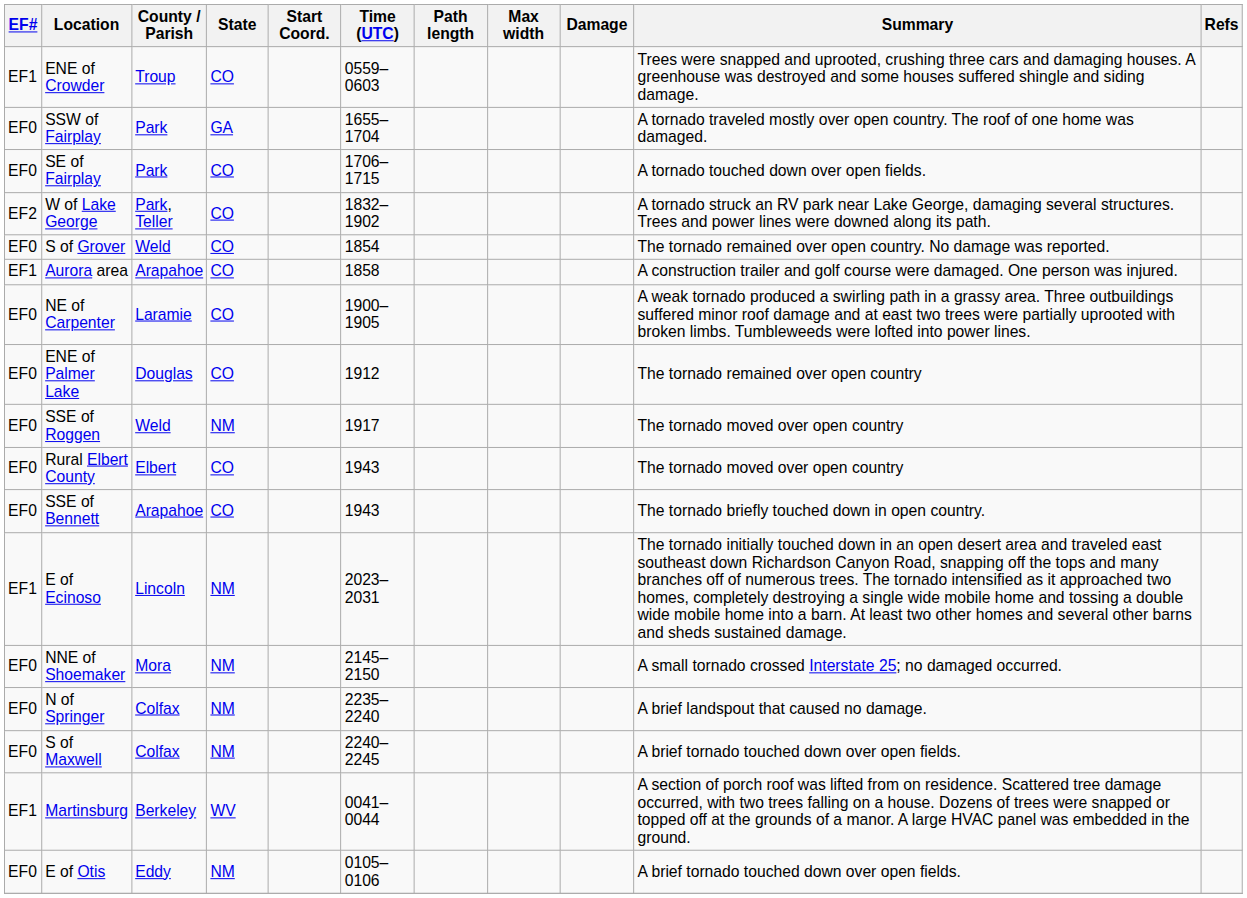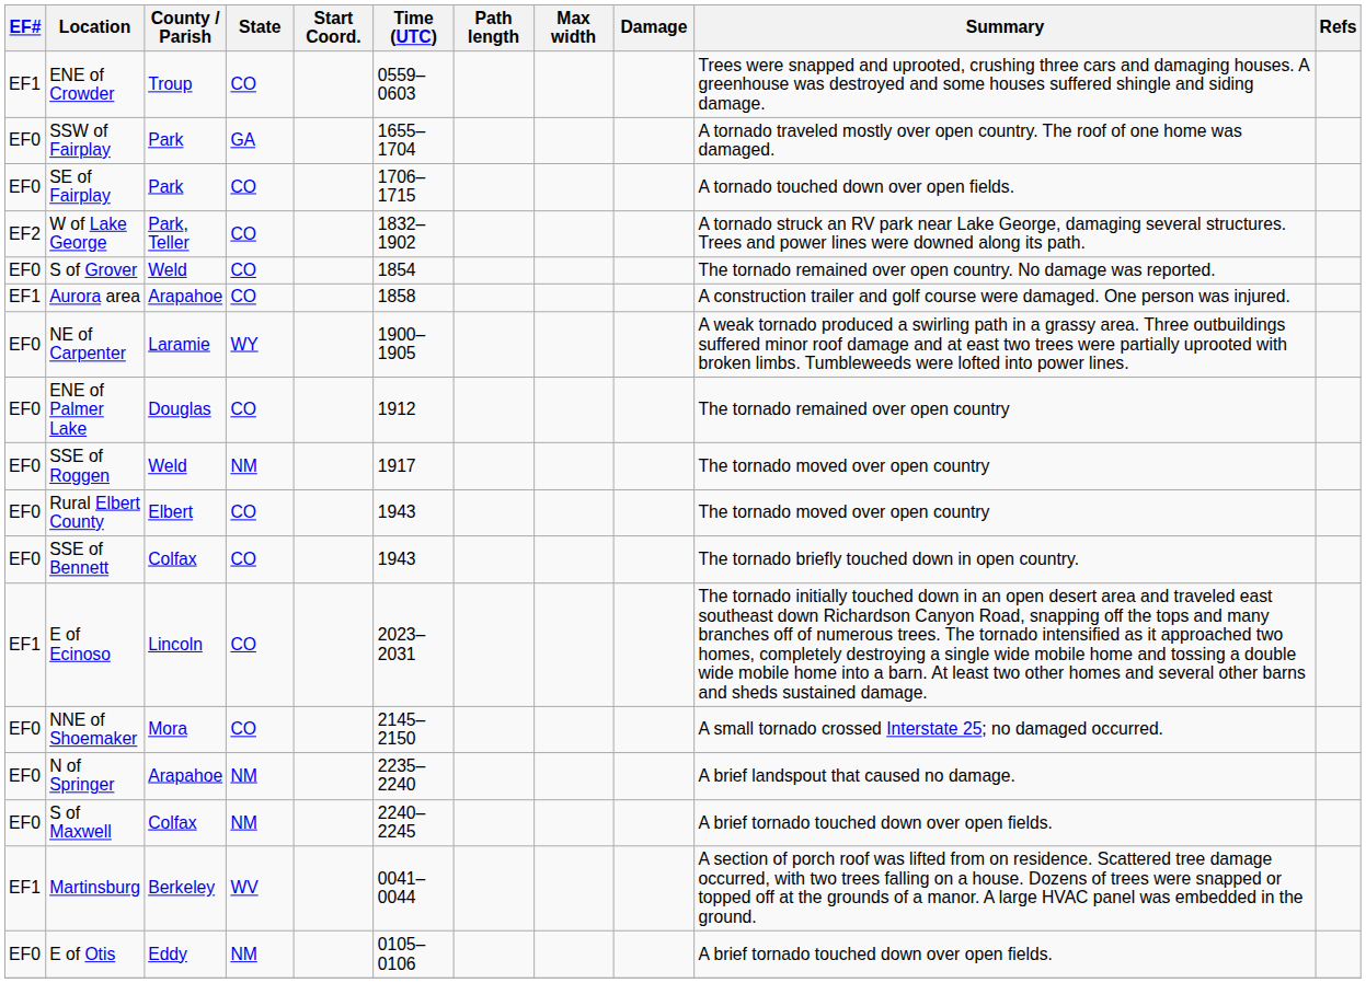 <table class="wikitable sortable" style="width:100%;">
 <tr>
 <th scope="col" width="3%" align="center"><a href='#'>EF#</a></th>
 <th scope="col" width="7%" align="center" class="unsortable">Location</th>
 <th scope="col" width="6%" align="center" class="unsortable">County / Parish</th>
 <th scope="col" width="5%" align="center">State</th>
 <th scope="col" width="6%" align="center">Start Coord.</th>
 <th scope="col" width="6%" align="center">Time (<a href='#'>UTC</a>)</th>
 <th scope="col" width="6%" align="center">Path length</th>
 <th scope="col" width="6%" align="center">Max width</th>
 <th scope="col" width="6%" align="center">Damage</th>
 <th scope="col" width="48%" class="unsortable" align="center">Summary</th>
 <th scope="col" width="48%" class="unsortable" align="center">Refs</th>
 </tr>
 <tr>
 <td>EF1</td>
 <td>ENE of <a href='#'>Crowder</a></td>
 <td><a href='#'>Troup</a></td>
 <td><a href='#'>CO</a></td>
 <td></td>
 <td>0559–0603</td>
 <td></td>
 <td></td>
 <td></td>
 <td>Trees were snapped and uprooted, crushing three cars and damaging houses. A greenhouse was destroyed and some houses suffered shingle and siding damage.</td>
 <td></td>
 </tr>
 <tr>
 <td>EF0</td>
 <td>SSW of <a href='#'>Fairplay</a></td>
 <td><a href='#'>Park</a></td>
 <td><a href='#'>GA</a></td>
 <td></td>
 <td>1655–1704</td>
 <td></td>
 <td></td>
 <td></td>
 <td>A tornado traveled mostly over open country. The roof of one home was damaged.</td>
 <td></td>
 </tr>
 <tr>
 <td>EF0</td>
 <td>SE of <a href='#'>Fairplay</a></td>
 <td><a href='#'>Park</a></td>
 <td><a href='#'>CO</a></td>
 <td></td>
 <td>1706–1715</td>
 <td></td>
 <td></td>
 <td></td>
 <td>A tornado touched down over open fields.</td>
 <td></td>
 </tr>
 <tr>
 <td>EF2</td>
 <td>W of <a href='#'>Lake George</a></td>
 <td><a href='#'>Park</a>, <a href='#'>Teller</a></td>
 <td><a href='#'>CO</a></td>
 <td></td>
 <td>1832–1902</td>
 <td></td>
 <td></td>
 <td></td>
 <td>A tornado struck an RV park near Lake George, damaging several structures. Trees and power lines were downed along its path.</td>
 <td></td>
 </tr>
 <tr>
 <td>EF0</td>
 <td>S of <a href='#'>Grover</a></td>
 <td><a href='#'>Weld</a></td>
 <td><a href='#'>CO</a></td>
 <td></td>
 <td>1854</td>
 <td></td>
 <td></td>
 <td></td>
 <td>The tornado remained over open country. No damage was reported.</td>
 <td></td>
 </tr>
 <tr>
 <td>EF1</td>
 <td><a href='#'>Aurora</a> area</td>
 <td><a href='#'>Arapahoe</a></td>
 <td><a href='#'>CO</a></td>
 <td></td>
 <td>1858</td>
 <td></td>
 <td></td>
 <td></td>
 <td>A construction trailer and golf course were damaged. One person was injured.</td>
 <td></td>
 </tr>
 <tr>
 <td>EF0</td>
 <td>NE of <a href='#'>Carpenter</a></td>
 <td><a href='#'>Laramie</a></td>
-<td><a href='#'>CO</a></td>
+<td><a href='#'>WY</a></td>
 <td></td>
 <td>1900–1905</td>
 <td></td>
 <td></td>
 <td></td>
 <td>A weak tornado produced a swirling path in a grassy area. Three outbuildings suffered minor roof damage and at east two trees were partially uprooted with broken limbs. Tumbleweeds were lofted into power lines.</td>
 <td></td>
 </tr>
 <tr>
 <td>EF0</td>
 <td>ENE of <a href='#'>Palmer Lake</a></td>
 <td><a href='#'>Douglas</a></td>
 <td><a href='#'>CO</a></td>
 <td></td>
 <td>1912</td>
 <td></td>
 <td></td>
 <td></td>
 <td>The tornado remained over open country</td>
 <td></td>
 </tr>
 <tr>
 <td>EF0</td>
 <td>SSE of <a href='#'>Roggen</a></td>
 <td><a href='#'>Weld</a></td>
 <td><a href='#'>NM</a></td>
 <td></td>
 <td>1917</td>
 <td></td>
 <td></td>
 <td></td>
 <td>The tornado moved over open country</td>
 <td></td>
 </tr>
 <tr>
 <td>EF0</td>
 <td>Rural <a href='#'>Elbert County</a></td>
 <td><a href='#'>Elbert</a></td>
 <td><a href='#'>CO</a></td>
 <td></td>
 <td>1943</td>
 <td></td>
 <td></td>
 <td></td>
 <td>The tornado moved over open country</td>
 <td></td>
 </tr>
 <tr>
 <td>EF0</td>
 <td>SSE of <a href='#'>Bennett</a></td>
-<td><a href='#'>Arapahoe</a></td>
+<td><a href='#'>Colfax</a></td>
 <td><a href='#'>CO</a></td>
 <td></td>
 <td>1943</td>
 <td></td>
 <td></td>
 <td></td>
 <td>The tornado briefly touched down in open country.</td>
 <td></td>
 </tr>
 <tr>
 <td>EF1</td>
 <td>E of <a href='#'>Ecinoso</a></td>
 <td><a href='#'>Lincoln</a></td>
-<td><a href='#'>NM</a></td>
+<td><a href='#'>CO</a></td>
 <td></td>
 <td>2023–2031</td>
 <td></td>
 <td></td>
 <td></td>
 <td>The tornado initially touched down in an open desert area and traveled east southeast down Richardson Canyon Road, snapping off the tops and many branches off of numerous trees. The tornado intensified as it approached two homes, completely destroying a single wide mobile home and tossing a double wide mobile home into a barn. At least two other homes and several other barns and sheds sustained damage.</td>
 <td></td>
 </tr>
 <tr>
 <td>EF0</td>
 <td>NNE of <a href='#'>Shoemaker</a></td>
 <td><a href='#'>Mora</a></td>
-<td><a href='#'>NM</a></td>
+<td><a href='#'>CO</a></td>
 <td></td>
 <td>2145–2150</td>
 <td></td>
 <td></td>
 <td></td>
 <td>A small tornado crossed <a href='#'>Interstate 25</a>; no damaged occurred.</td>
 <td></td>
 </tr>
 <tr>
 <td>EF0</td>
 <td>N of <a href='#'>Springer</a></td>
-<td><a href='#'>Colfax</a></td>
+<td><a href='#'>Arapahoe</a></td>
 <td><a href='#'>NM</a></td>
 <td></td>
 <td>2235–2240</td>
 <td></td>
 <td></td>
 <td></td>
 <td>A brief landspout that caused no damage.</td>
 <td></td>
 </tr>
 <tr>
 <td>EF0</td>
 <td>S of <a href='#'>Maxwell</a></td>
 <td><a href='#'>Colfax</a></td>
 <td><a href='#'>NM</a></td>
 <td></td>
 <td>2240–2245</td>
 <td></td>
 <td></td>
 <td></td>
 <td>A brief tornado touched down over open fields.</td>
 <td></td>
 </tr>
 <tr>
 <td>EF1</td>
 <td><a href='#'>Martinsburg</a></td>
 <td><a href='#'>Berkeley</a></td>
 <td><a href='#'>WV</a></td>
 <td></td>
 <td>0041–0044</td>
 <td></td>
 <td></td>
 <td></td>
 <td>A section of porch roof was lifted from on residence. Scattered tree damage occurred, with two trees falling on a house. Dozens of trees were snapped or topped off at the grounds of a manor. A large HVAC panel was embedded in the ground.</td>
 <td></td>
 </tr>
 <tr>
 <td>EF0</td>
 <td>E of <a href='#'>Otis</a></td>
 <td><a href='#'>Eddy</a></td>
 <td><a href='#'>NM</a></td>
 <td></td>
 <td>0105–0106</td>
 <td></td>
 <td></td>
 <td></td>
 <td>A brief tornado touched down over open fields.</td>
 <td></td>
 </tr>
 <tr>
 </tr>
 </table>
